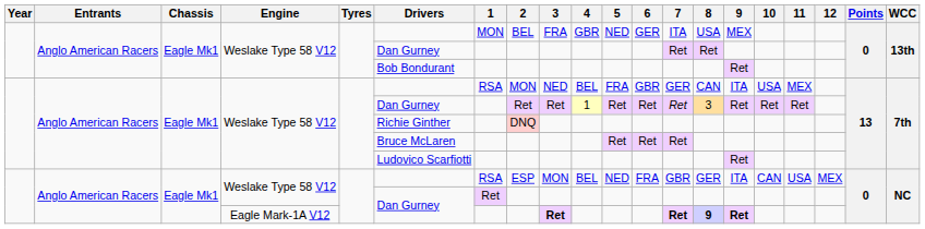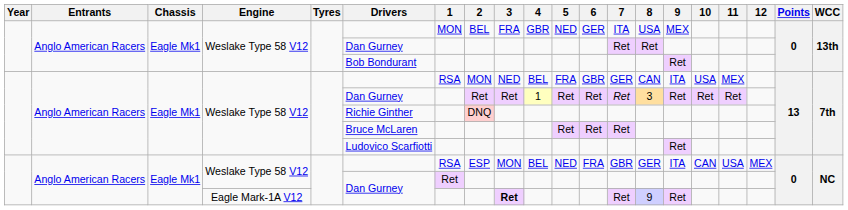 <table class="wikitable" style="text-align:center; font-size:85%">
 <tr>
 <th>Year</th>
 <th>Entrants</th>
 <th>Chassis</th>
 <th>Engine</th>
 <th>Tyres</th>
 <th>Drivers</th>
 <th>1</th>
 <th>2</th>
 <th>3</th>
 <th>4</th>
 <th>5</th>
 <th>6</th>
 <th>7</th>
 <th>8</th>
 <th>9</th>
 <th>10</th>
 <th>11</th>
 <th>12</th>
 <th><a href='#'>Points</a></th>
 <th>WCC</th>
 </tr>
 <tr>
 <td rowspan=3></td>
 <td rowspan=3><a href='#'>Anglo American Racers</a></td>
 <td rowspan=3><a href='#'>Eagle Mk1</a></td>
 <td rowspan=3>Weslake Type 58 <a href='#'>V12</a></td>
 <td rowspan=3></td>
 <td></td>
 <td><a href='#'>MON</a></td>
 <td><a href='#'>BEL</a></td>
 <td><a href='#'>FRA</a></td>
 <td><a href='#'>GBR</a></td>
 <td><a href='#'>NED</a></td>
 <td><a href='#'>GER</a></td>
 <td><a href='#'>ITA</a></td>
 <td><a href='#'>USA</a></td>
 <td><a href='#'>MEX</a></td>
 <td></td>
 <td></td>
 <td></td>
 <th rowspan="3">0</th>
 <th rowspan="3">13th</th>
 </tr>
 <tr>
 <td align="left"> <a href='#'>Dan Gurney</a></td>
 <td></td>
 <td></td>
 <td></td>
 <td></td>
 <td></td>
 <td></td>
 <td style="background:#EFCFFF;">Ret</td>
 <td style="background:#EFCFFF;">Ret</td>
 <td></td>
 <td></td>
 <td></td>
 <td></td>
 </tr>
 <tr>
 <td align="left"> <a href='#'>Bob Bondurant</a></td>
 <td></td>
 <td></td>
 <td></td>
 <td></td>
 <td></td>
 <td></td>
 <td></td>
 <td></td>
 <td style="background:#EFCFFF;">Ret</td>
 <td></td>
 <td></td>
 <td></td>
 </tr>
 <tr>
 <td rowspan=5></td>
 <td rowspan=5><a href='#'>Anglo American Racers</a></td>
 <td rowspan=5><a href='#'>Eagle Mk1</a></td>
 <td rowspan=5>Weslake Type 58 <a href='#'>V12</a></td>
 <td rowspan=5></td>
 <td></td>
 <td><a href='#'>RSA</a></td>
 <td><a href='#'>MON</a></td>
 <td><a href='#'>NED</a></td>
 <td><a href='#'>BEL</a></td>
 <td><a href='#'>FRA</a></td>
 <td><a href='#'>GBR</a></td>
 <td><a href='#'>GER</a></td>
 <td><a href='#'>CAN</a></td>
 <td><a href='#'>ITA</a></td>
 <td><a href='#'>USA</a></td>
 <td><a href='#'>MEX</a></td>
 <td></td>
 <th rowspan="5">13</th>
 <th rowspan="5">7th</th>
 </tr>
 <tr>
 <td align="left"> <a href='#'>Dan Gurney</a></td>
 <td></td>
 <td style="background:#EFCFFF;">Ret</td>
 <td style="background:#EFCFFF;">Ret</td>
 <td style="background:#FFFFBF;">1</td>
 <td style="background:#EFCFFF;">Ret</td>
 <td style="background:#EFCFFF;">Ret</td>
 <td style="background:#EFCFFF;"><em>Ret</em></td>
 <td style="background:#FFDF9F;">3</td>
 <td style="background:#EFCFFF;">Ret</td>
 <td style="background:#EFCFFF;">Ret</td>
 <td style="background:#EFCFFF;">Ret</td>
 <td></td>
 </tr>
 <tr>
 <td align="left"> <a href='#'>Richie Ginther</a></td>
 <td></td>
 <td style="background:#FFCFCF;">DNQ</td>
 <td></td>
 <td></td>
 <td></td>
 <td></td>
 <td></td>
 <td></td>
 <td></td>
 <td></td>
 <td></td>
 <td></td>
 </tr>
 <tr>
 <td align="left"> <a href='#'>Bruce McLaren</a></td>
 <td></td>
 <td></td>
 <td></td>
 <td></td>
 <td style="background:#EFCFFF;">Ret</td>
 <td style="background:#EFCFFF;">Ret</td>
 <td style="background:#EFCFFF;">Ret</td>
 <td></td>
 <td></td>
 <td></td>
 <td></td>
 <td></td>
 </tr>
 <tr>
 <td align="left"> <a href='#'>Ludovico Scarfiotti</a></td>
 <td></td>
 <td></td>
 <td></td>
 <td></td>
 <td></td>
 <td></td>
 <td></td>
 <td></td>
 <td style="background:#EFCFFF;">Ret</td>
 <td></td>
 <td></td>
 <td></td>
 </tr>
 <tr>
 <td rowspan=3></td>
 <td rowspan=3><a href='#'>Anglo American Racers</a></td>
 <td rowspan=3><a href='#'>Eagle Mk1</a></td>
 <td rowspan=2>Weslake Type 58 <a href='#'>V12</a></td>
 <td rowspan=3></td>
 <td></td>
 <td><a href='#'>RSA</a></td>
 <td><a href='#'>ESP</a></td>
 <td><a href='#'>MON</a></td>
 <td><a href='#'>BEL</a></td>
 <td><a href='#'>NED</a></td>
 <td><a href='#'>FRA</a></td>
 <td><a href='#'>GBR</a></td>
 <td><a href='#'>GER</a></td>
 <td><a href='#'>ITA</a></td>
 <td><a href='#'>CAN</a></td>
 <td><a href='#'>USA</a></td>
 <td><a href='#'>MEX</a></td>
 <th rowspan="3">0</th>
 <th rowspan="3">NC</th>
 </tr>
 <tr>
 <td rowspan="2" align="left"> <a href='#'>Dan Gurney</a></td>
 <td style="background:#EFCFFF;">Ret</td>
 <td></td>
 <td></td>
 <td></td>
 <td></td>
 <td></td>
 <td></td>
 <td></td>
 <td></td>
 <td></td>
 <td></td>
 <td></td>
 </tr>
 <tr>
 <td>Eagle Mark-1A <a href='#'>V12</a></td>
 <td></td>
 <td></td>
 <td style="background:#EFCFFF;"><strong>Ret</strong></td>
 <td></td>
 <td></td>
 <td></td>
-<td style="background:#EFCFFF;"><strong>Ret</strong></td>
-<td style="background:#CFCFFF;"><strong>9</strong></td>
-<td style="background:#EFCFFF;"><strong>Ret</strong></td>
+<td style="background:#EFCFFF;">Ret</td>
+<td style="background:#CFCFFF;">9</td>
+<td style="background:#EFCFFF;">Ret</td>
 <td></td>
 <td></td>
 <td></td>
 </tr>
 </table>
